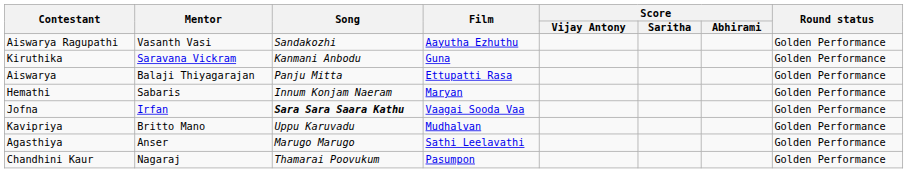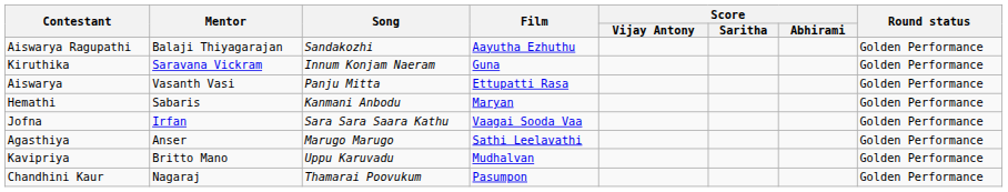 <table class="wikitable" style="align: center;" width="90%">
 <tr>
 <th rowspan="2">Contestant</th>
 <th rowspan="2">Mentor</th>
 <th rowspan="2">Song</th>
 <th rowspan="2">Film</th>
 <th colspan="3">Score</th>
 <th rowspan="2">Round status</th>
 </tr>
 <tr>
 <th style="padding: 0 8px">Vijay Antony</th>
 <th style="padding: 0 8px">Saritha</th>
 <th style="padding: 0 8px">Abhirami</th>
 </tr>
 <tr>
 <td>Aiswarya Ragupathi</td>
-<td>Vasanth Vasi</td>
+<td>Balaji Thiyagarajan</td>
 <td><em>Sandakozhi</em></td>
 <td><a href='#'>Aayutha Ezhuthu</a></td>
 <td></td>
 <td></td>
 <td></td>
 <td>Golden Performance</td>
 </tr>
 <tr>
 <td>Kiruthika</td>
 <td><a href='#'>Saravana Vickram</a></td>
-<td><em>Kanmani Anbodu</em></td>
+<td><em>Innum Konjam Naeram</em></td>
 <td><a href='#'>Guna</a></td>
 <td></td>
 <td></td>
 <td></td>
 <td>Golden Performance</td>
 </tr>
 <tr>
 <td>Aiswarya</td>
-<td>Balaji Thiyagarajan</td>
+<td>Vasanth Vasi</td>
 <td><em>Panju Mitta</em></td>
 <td><a href='#'>Ettupatti Rasa</a></td>
 <td></td>
 <td></td>
 <td></td>
 <td>Golden Performance</td>
 </tr>
 <tr>
 <td>Hemathi</td>
 <td>Sabaris</td>
-<td><em>Innum Konjam Naeram</em></td>
+<td><em>Kanmani Anbodu</em></td>
 <td><a href='#'>Maryan</a></td>
 <td></td>
 <td></td>
 <td></td>
 <td>Golden Performance</td>
 </tr>
 <tr>
 <td>Jofna</td>
 <td><a href='#'>Irfan</a></td>
-<td><strong><em>Sara Sara Saara Kathu</em></strong></td>
+<td><em>Sara Sara Saara Kathu</em></td>
 <td><a href='#'>Vaagai Sooda Vaa</a></td>
+<td></td>
+<td></td>
+<td></td>
+<td>Golden Performance</td>
+</tr>
+<tr>
+<td>Agasthiya</td>
+<td>Anser</td>
+<td><em>Marugo Marugo</em></td>
+<td><a href='#'>Sathi Leelavathi</a></td>
 <td></td>
 <td></td>
 <td></td>
 <td>Golden Performance</td>
 </tr>
 <tr>
 <td>Kavipriya</td>
 <td>Britto Mano</td>
 <td><em>Uppu Karuvadu</em></td>
 <td><a href='#'>Mudhalvan</a></td>
 <td></td>
 <td></td>
 <td></td>
 <td>Golden Performance</td>
 </tr>
 <tr>
-<td>Agasthiya</td>
-<td>Anser</td>
-<td><em>Marugo Marugo</em></td>
-<td><a href='#'>Sathi Leelavathi</a></td>
-<td></td>
-<td></td>
-<td></td>
-<td>Golden Performance</td>
-</tr>
-<tr>
 <td>Chandhini Kaur</td>
 <td>Nagaraj</td>
 <td><em>Thamarai Poovukum</em></td>
 <td><a href='#'>Pasumpon</a></td>
 <td></td>
 <td></td>
 <td></td>
 <td>Golden Performance</td>
 </tr>
 </table>
